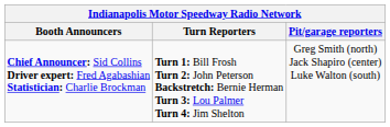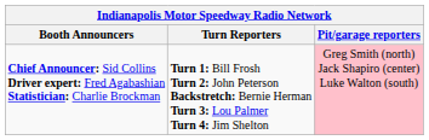 <table class="wikitable" style="font-size: 95%;">
 <tr>
 <th colspan=3><a href='#'>Indianapolis Motor Speedway Radio Network</a></th>
 </tr>
 <tr>
 <th>Booth Announcers</th>
 <th>Turn Reporters</th>
 <th><a href='#'>Pit/garage reporters</a></th>
 </tr>
 <tr>
 <td valign="top"><br><strong><a href='#'>Chief Announcer</a>:</strong> <a href='#'>Sid Collins</a><br> <strong>Driver expert:</strong> <a href='#'>Fred Agabashian</a><br> <strong><a href='#'>Statistician</a>:</strong> <a href='#'>Charlie Brockman</a><br></td>
 <td valign="top"><br><strong>Turn 1:</strong> Bill Frosh<br>     <strong>Turn 2:</strong> John Peterson<br> <strong>Backstretch:</strong> Bernie Herman<br> <strong>Turn 3:</strong> <a href='#'>Lou Palmer</a><br> <strong>Turn 4:</strong> Jim Shelton<br></td>
-<td align="center" valign="top">Greg Smith (north)<br>Jack Shapiro (center)<br>Luke Walton (south)</td>
+<td align="center" valign="top" style="background: pink;">Greg Smith (north)<br>Jack Shapiro (center)<br>Luke Walton (south)</td>
 </tr>
 </table>
